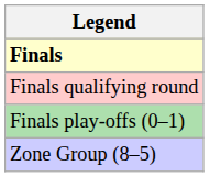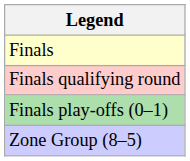 <table class=wikitable style=font-size:90%>
 <tr>
 <th>Legend</th>
 </tr>
 <tr bgcolor=ffffcc>
-<td><strong>Finals</strong></td>
+<td>Finals</td>
 </tr>
 <tr bgcolor="ffcccc">
 <td>Finals qualifying round</td>
 </tr>
 <tr bgcolor="addfad">
 <td>Finals play-offs (0–1)</td>
 </tr>
 <tr bgcolor="#ccf">
 <td>Zone Group (8–5)</td>
 </tr>
 </table>
